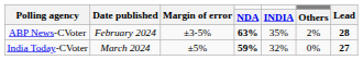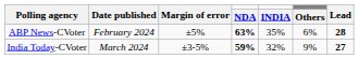 <table class="wikitable sortable" style="text-align:center;font-size:95%;line-height:16px">
 <tr>
 <th rowspan="2">Polling agency</th>
 <th rowspan="2">Date published</th>
 <th rowspan="2">Margin of error</th>
 <td></td>
 <td></td>
 <td bgcolor="grey"></td>
 <th rowspan="2">Lead</th>
 </tr>
 <tr>
 <th><a href='#'>NDA</a></th>
 <th><a href='#'>INDIA</a></th>
 <th>Others</th>
 </tr>
 <tr>
 <td><a href='#'>ABP News</a>-CVoter</td>
 <td><em>February 2024</em></td>
-<td>±3-5%</td>
+<td>±5%</td>
 <td bgcolor=><strong>63%</strong></td>
 <td>35%</td>
-<td>2%</td>
+<td>6%</td>
 <td bgcolor=><strong>28</strong></td>
 </tr>
 <tr>
 <td><a href='#'>India Today</a>-CVoter</td>
 <td><em>March 2024</em></td>
-<td>±5%</td>
+<td>±3-5%</td>
 <td><strong>59%</strong></td>
 <td>32%</td>
-<td>0%</td>
+<td>9%</td>
 <td><strong>27</strong></td>
 </tr>
 </table>
